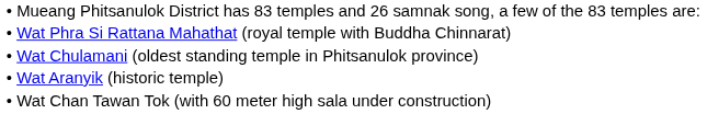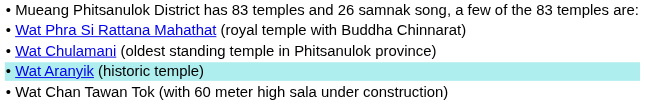 <table>
 <tr>
 <td>• Mueang Phitsanulok District has 83 temples and 26 samnak song, a few of the 83 temples are:</td>
 </tr>
 <tr>
 <td>• <a href='#'>Wat Phra Si Rattana Mahathat</a> (royal temple with Buddha Chinnarat)</td>
 </tr>
 <tr>
 <td>• <a href='#'>Wat Chulamani</a> (oldest standing temple in Phitsanulok province)</td>
 </tr>
 <tr>
-<td>• <a href='#'>Wat Aranyik</a> (historic temple)</td>
+<td style="background: paleturquoise;">• <a href='#'>Wat Aranyik</a> (historic temple)</td>
 </tr>
 <tr>
 <td>• Wat Chan Tawan Tok (with 60 meter high sala under construction)</td>
 </tr>
 </table>
